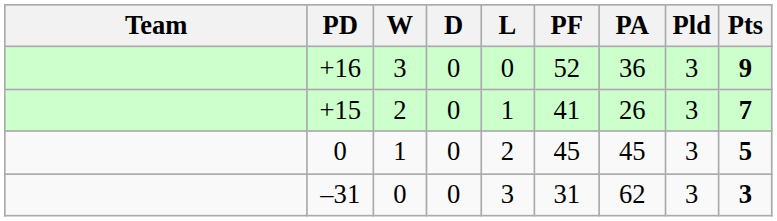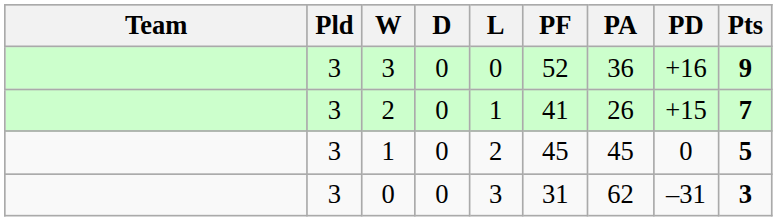 <table class="wikitable" style="text-align:center;">
 <tr>
 <th width=175>Team</th>
-<th width=32 abbr="Points difference">PD</th>
+<th width=25 abbr="Played">Pld</th>
 <th width=25 abbr="Won">W</th>
 <th width=25 abbr="Drawn">D</th>
 <th width=25 abbr="Lost">L</th>
 <th width=32 abbr="Points for">PF</th>
 <th width=32 abbr="Points against">PA</th>
-<th width=25 abbr="Played">Pld</th>
+<th width=32 abbr="Points difference">PD</th>
 <th width=25 abbr="Points">Pts</th>
 </tr>
 <tr bgcolor=ccffcc>
 <td align=left></td>
-<td>+16</td>
+<td>3</td>
 <td>3</td>
 <td>0</td>
 <td>0</td>
 <td>52</td>
 <td>36</td>
-<td>3</td>
+<td>+16</td>
 <td><strong>9</strong></td>
 </tr>
 <tr bgcolor=ccffcc>
 <td align=left></td>
-<td>+15</td>
+<td>3</td>
 <td>2</td>
 <td>0</td>
 <td>1</td>
 <td>41</td>
 <td>26</td>
-<td>3</td>
+<td>+15</td>
 <td><strong>7</strong></td>
 </tr>
 <tr>
 <td align=left></td>
-<td>0</td>
+<td>3</td>
 <td>1</td>
 <td>0</td>
 <td>2</td>
 <td>45</td>
 <td>45</td>
-<td>3</td>
+<td>0</td>
 <td><strong>5</strong></td>
 </tr>
 <tr>
 <td align=left></td>
-<td>–31</td>
+<td>3</td>
 <td>0</td>
 <td>0</td>
 <td>3</td>
 <td>31</td>
 <td>62</td>
-<td>3</td>
+<td>–31</td>
 <td><strong>3</strong></td>
 </tr>
 </table>
